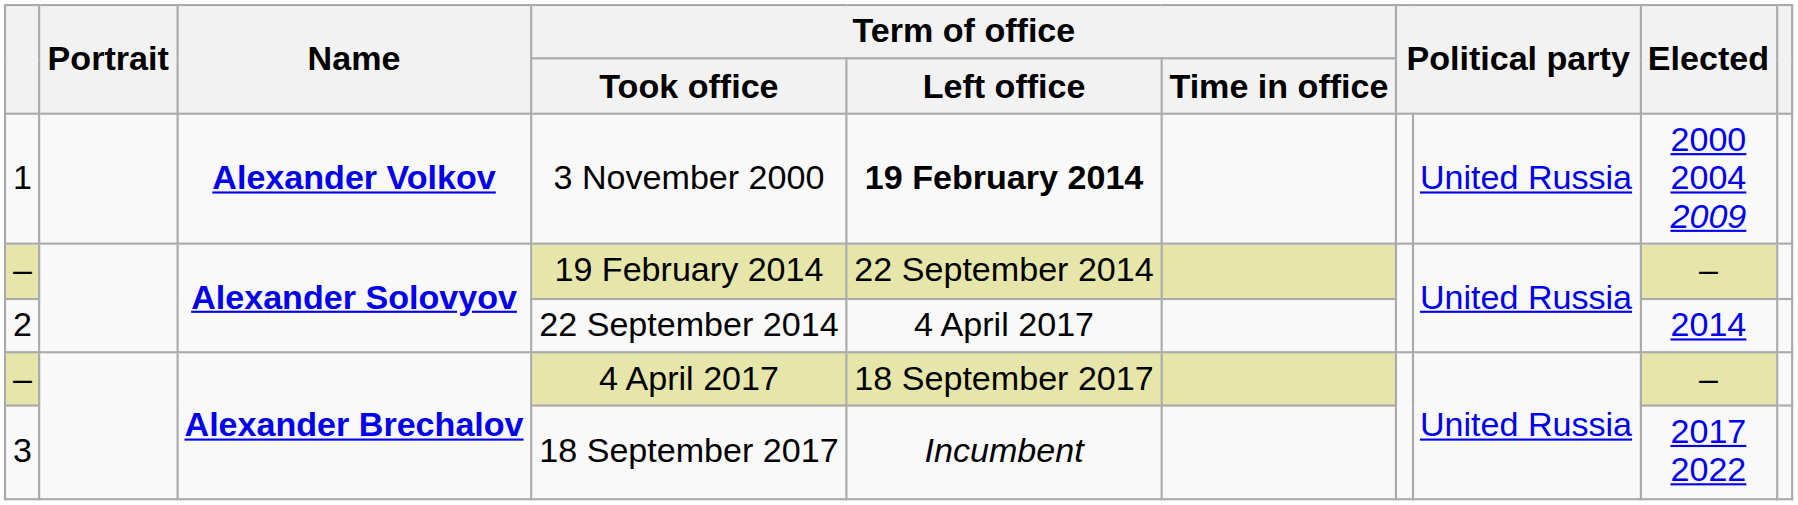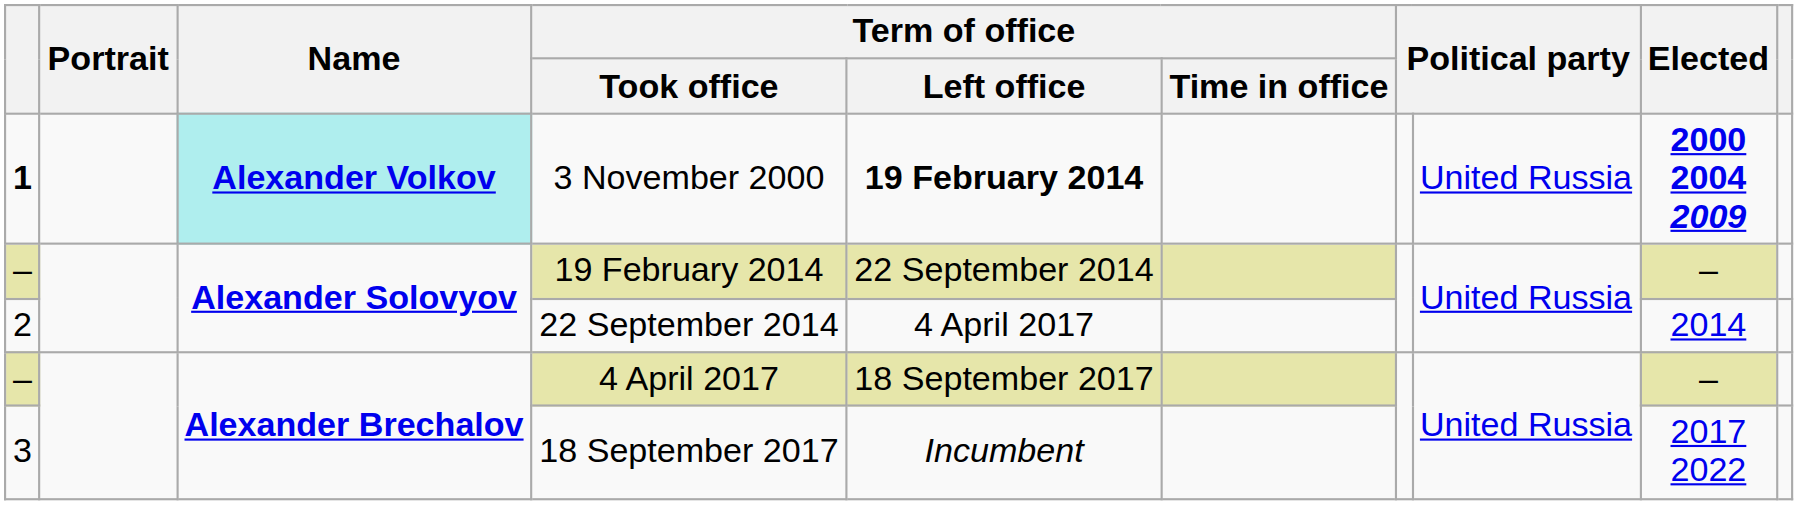 <table class="wikitable" style="text-align:center">
 <tr>
 <th rowspan=2></th>
 <th rowspan=2>Portrait</th>
 <th rowspan=2>Name<br></th>
 <th colspan=3>Term of office</th>
 <th colspan=2 rowspan=2>Political party</th>
 <th rowspan=2>Elected</th>
 <th rowspan=2></th>
 </tr>
 <tr>
 <th>Took office</th>
 <th>Left office</th>
 <th>Time in office</th>
 </tr>
 <tr>
-<td>1</td>
+<td><strong>1</strong></td>
 <td></td>
-<td><strong><a href='#'>Alexander Volkov</a></strong><br></td>
+<td style="background: paleturquoise;"><strong><a href='#'>Alexander Volkov</a></strong><br></td>
 <td>3 November 2000</td>
 <td><strong>19 February 2014</strong></td>
 <td></td>
 <td style="background:"></td>
 <td><a href='#'>United Russia</a></td>
-<td><a href='#'>2000</a><br><a href='#'>2004</a><br><em><a href='#'>2009</a></em></td>
+<td><strong><a href='#'>2000</a><br><a href='#'>2004</a><br><em><a href='#'>2009</a></em></strong></td>
 <td></td>
 </tr>
 <tr>
 <td style="background:#e6e6aa;">–</td>
 <td rowspan=2></td>
 <td rowspan=2><strong><a href='#'>Alexander Solovyov</a></strong><br></td>
 <td style="background:#e6e6aa;">19 February 2014</td>
 <td style="background:#e6e6aa;">22 September 2014</td>
 <td style="background:#e6e6aa;"></td>
 <td rowspan=2; style="background:"></td>
 <td rowspan=2><a href='#'>United Russia</a></td>
 <td style="background:#e6e6aa;">–</td>
 <td></td>
 </tr>
 <tr>
 <td>2</td>
 <td>22 September 2014</td>
 <td>4 April 2017</td>
 <td></td>
 <td><a href='#'>2014</a></td>
 <td></td>
 </tr>
 <tr>
 <td style="background:#e6e6aa;">–</td>
 <td rowspan=2></td>
 <td rowspan=2><strong><a href='#'>Alexander Brechalov</a></strong><br></td>
 <td style="background:#e6e6aa;">4 April 2017</td>
 <td style="background:#e6e6aa;">18 September 2017</td>
 <td style="background:#e6e6aa;"></td>
 <td rowspan=2; style="background:"></td>
 <td rowspan=2><a href='#'>United Russia</a></td>
 <td style="background:#e6e6aa;">–</td>
 <td></td>
 </tr>
 <tr>
 <td>3</td>
 <td>18 September 2017</td>
 <td><em>Incumbent</em></td>
 <td></td>
 <td><a href='#'>2017</a><br><a href='#'>2022</a></td>
 <td></td>
 </tr>
 </table>
